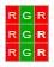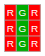 <table class=wikitable style="font-size:90%;text-align:center;">
 <tr>
 <td style="background:#f00;color:#fff;">R</td>
 <td style="background:#0a0;color:#fff;">G</td>
 <td style="background:#f00;color:#fff;">R</td>
 </tr>
 <tr>
 <td style="background:#f00;color:#fff;">R</td>
 <td style="background:#0a0;color:#fff;">G</td>
-<td style="background:#f00;color:#fff;"><strong>R</strong></td>
+<td style="background:#f00;color:#fff;">R</td>
 </tr>
 <tr>
 <td style="background:#f00;color:#fff;">R</td>
 <td style="background:#0a0;color:#fff;">G</td>
-<td style="background:#f00;color:#fff;"><strong>R</strong></td>
+<td style="background:#f00;color:#fff;">R</td>
 </tr>
 </table>
